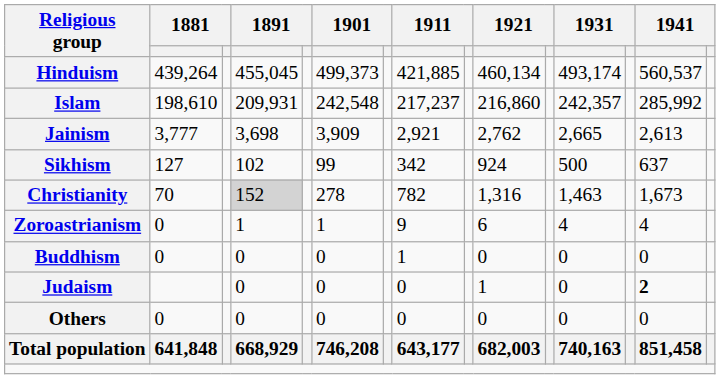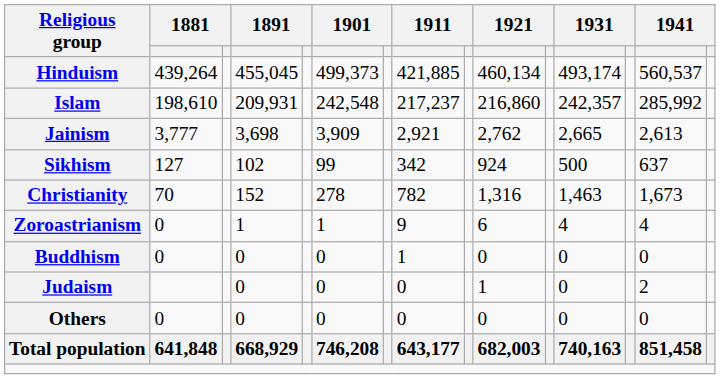 <table class="wikitable sortable">
 <tr>
 <th rowspan="2"><a href='#'>Religious</a><br>group</th>
 <th colspan="2">1881</th>
 <th colspan="2">1891</th>
 <th colspan="2">1901</th>
 <th colspan="2">1911</th>
 <th colspan="2">1921</th>
 <th colspan="2">1931</th>
 <th colspan="2">1941</th>
 </tr>
 <tr>
 <th><a href='#'></a></th>
 <th></th>
 <th></th>
 <th></th>
 <th></th>
 <th></th>
 <th></th>
 <th></th>
 <th></th>
 <th></th>
 <th></th>
 <th></th>
 <th></th>
 <th></th>
 </tr>
 <tr>
 <th><a href='#'>Hinduism</a> </th>
 <td>439,264</td>
 <td></td>
 <td>455,045</td>
 <td></td>
 <td>499,373</td>
 <td></td>
 <td>421,885</td>
 <td></td>
 <td>460,134</td>
 <td></td>
 <td>493,174</td>
 <td></td>
 <td>560,537</td>
 <td></td>
 </tr>
 <tr>
 <th><a href='#'>Islam</a> </th>
 <td>198,610</td>
 <td></td>
 <td>209,931</td>
 <td></td>
 <td>242,548</td>
 <td></td>
 <td>217,237</td>
 <td></td>
 <td>216,860</td>
 <td></td>
 <td>242,357</td>
 <td></td>
 <td>285,992</td>
 <td></td>
 </tr>
 <tr>
 <th><a href='#'>Jainism</a> </th>
 <td>3,777</td>
 <td></td>
 <td>3,698</td>
 <td></td>
 <td>3,909</td>
 <td></td>
 <td>2,921</td>
 <td></td>
 <td>2,762</td>
 <td></td>
 <td>2,665</td>
 <td></td>
 <td>2,613</td>
 <td></td>
 </tr>
 <tr>
 <th><a href='#'>Sikhism</a> </th>
 <td>127</td>
 <td></td>
 <td>102</td>
 <td></td>
 <td>99</td>
 <td></td>
 <td>342</td>
 <td></td>
 <td>924</td>
 <td></td>
 <td>500</td>
 <td></td>
 <td>637</td>
 <td></td>
 </tr>
 <tr>
 <th><a href='#'>Christianity</a> </th>
 <td>70</td>
 <td></td>
-<td style="background: lightgrey;">152</td>
+<td>152</td>
 <td></td>
 <td>278</td>
 <td></td>
 <td>782</td>
 <td></td>
 <td>1,316</td>
 <td></td>
 <td>1,463</td>
 <td></td>
 <td>1,673</td>
 <td></td>
 </tr>
 <tr>
 <th><a href='#'>Zoroastrianism</a> </th>
 <td>0</td>
 <td></td>
 <td>1</td>
 <td></td>
 <td>1</td>
 <td></td>
 <td>9</td>
 <td></td>
 <td>6</td>
 <td></td>
 <td>4</td>
 <td></td>
 <td>4</td>
 <td></td>
 </tr>
 <tr>
 <th><a href='#'>Buddhism</a> </th>
 <td>0</td>
 <td></td>
 <td>0</td>
 <td></td>
 <td>0</td>
 <td></td>
 <td>1</td>
 <td></td>
 <td>0</td>
 <td></td>
 <td>0</td>
 <td></td>
 <td>0</td>
 <td></td>
 </tr>
 <tr>
 <th><a href='#'>Judaism</a> </th>
 <td></td>
 <td></td>
 <td>0</td>
 <td></td>
 <td>0</td>
 <td></td>
 <td>0</td>
 <td></td>
 <td>1</td>
 <td></td>
 <td>0</td>
 <td></td>
-<td><strong>2</strong></td>
+<td>2</td>
 <td></td>
 </tr>
 <tr>
 <th>Others</th>
 <td>0</td>
 <td></td>
 <td>0</td>
 <td></td>
 <td>0</td>
 <td></td>
 <td>0</td>
 <td></td>
 <td>0</td>
 <td></td>
 <td>0</td>
 <td></td>
 <td>0</td>
 <td></td>
 </tr>
 <tr>
 <th>Total population</th>
 <th>641,848</th>
 <th></th>
 <th>668,929</th>
 <th></th>
 <th>746,208</th>
 <th></th>
 <th>643,177</th>
 <th></th>
 <th>682,003</th>
 <th></th>
 <th>740,163</th>
 <th></th>
 <th>851,458</th>
 <th></th>
 </tr>
 <tr class="sortbottom">
 <td colspan="15"></td>
 </tr>
 </table>
